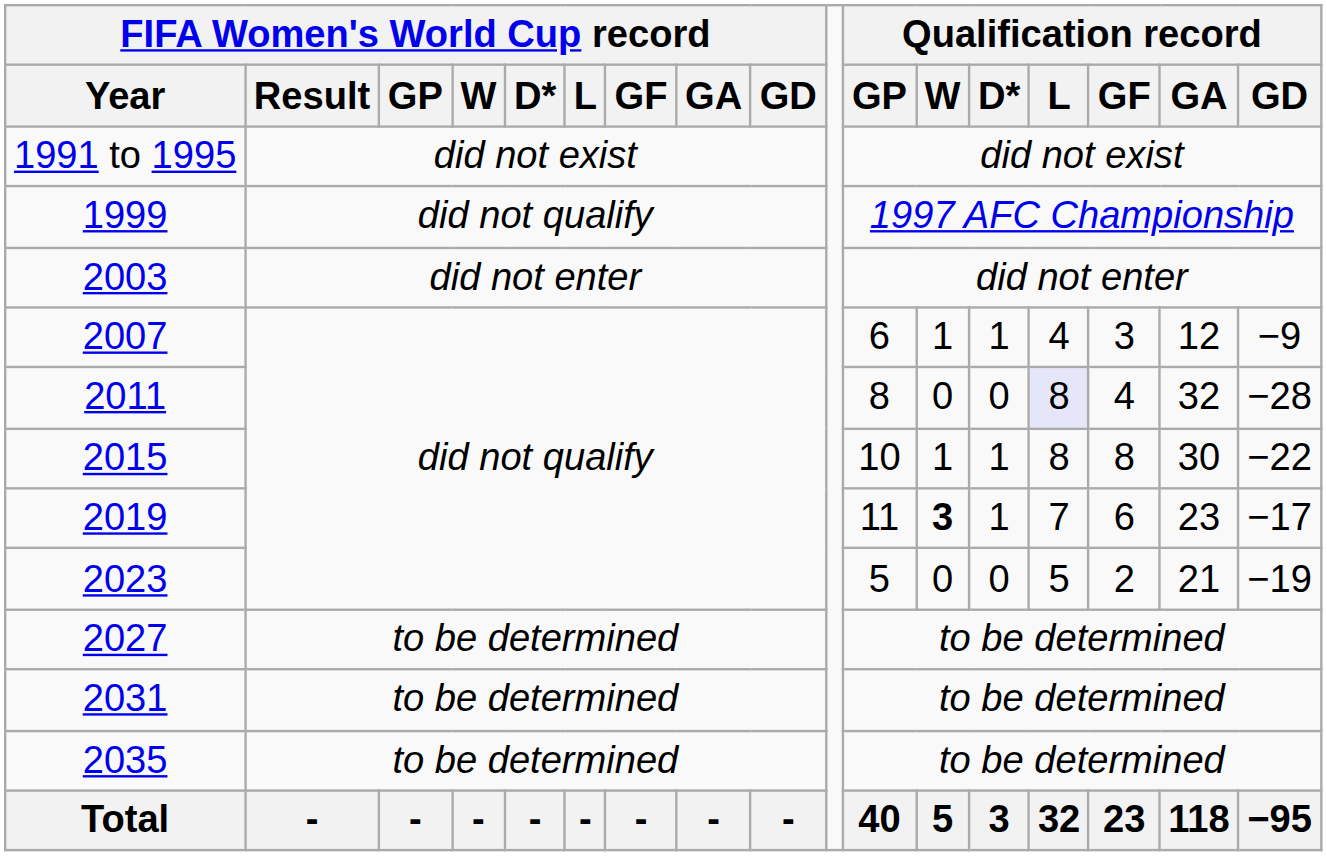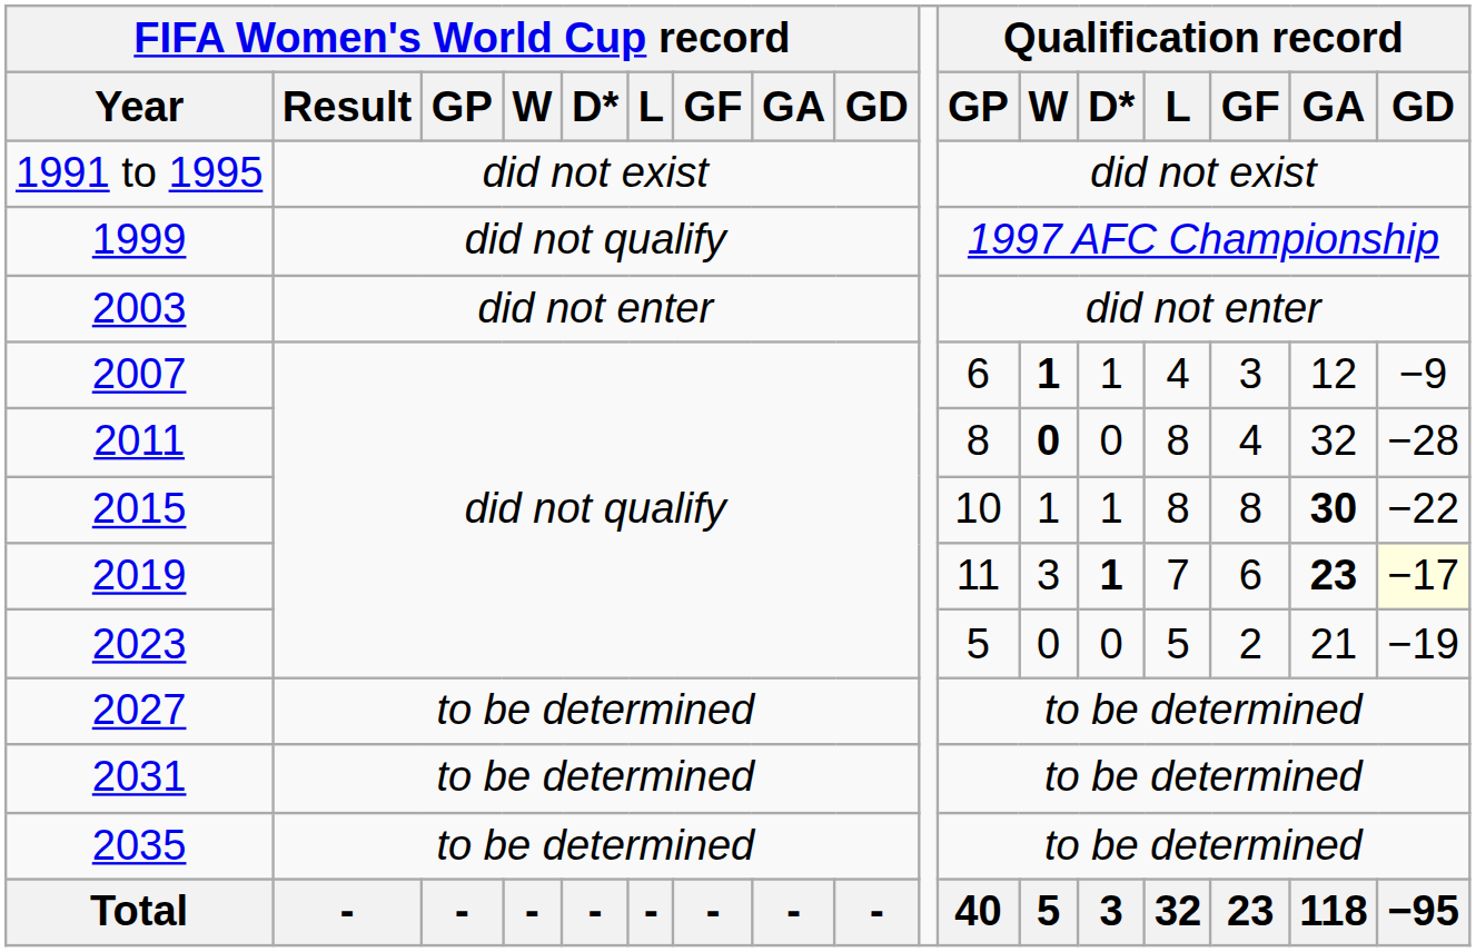 <table class="wikitable" style="text-align: center;">
 <tr>
 <th colspan=9><a href='#'>FIFA Women's World Cup</a> record</th>
 <td rowspan=15></td>
 <th colspan=7>Qualification record</th>
 </tr>
 <tr>
 <th>Year</th>
 <th>Result</th>
 <th>GP</th>
 <th>W</th>
 <th>D*</th>
 <th>L</th>
 <th>GF</th>
 <th>GA</th>
 <th>GD</th>
 <th>GP</th>
 <th>W</th>
 <th>D*</th>
 <th>L</th>
 <th>GF</th>
 <th>GA</th>
 <th>GD</th>
 </tr>
 <tr>
 <td> <a href='#'>1991</a> to  <a href='#'>1995</a></td>
 <td colspan=8><em>did not exist</em></td>
 <td colspan=7><em>did not exist</em></td>
 </tr>
 <tr>
 <td> <a href='#'>1999</a></td>
 <td colspan=8><em>did not qualify</em></td>
 <td colspan=7><em><a href='#'>1997 AFC Championship</a></em></td>
 </tr>
 <tr>
 <td> <a href='#'>2003</a></td>
 <td colspan=8><em>did not enter</em></td>
 <td colspan=7><em>did not enter</em></td>
 </tr>
 <tr>
 <td> <a href='#'>2007</a></td>
 <td colspan=8 rowspan=5><em>did not qualify</em></td>
 <td>6</td>
-<td>1</td>
+<td><strong>1</strong></td>
 <td>1</td>
 <td>4</td>
 <td>3</td>
 <td>12</td>
 <td>−9</td>
 </tr>
 <tr>
 <td> <a href='#'>2011</a></td>
 <td>8</td>
+<td><strong>0</strong></td>
 <td>0</td>
-<td>0</td>
-<td style="background: lavender;">8</td>
+<td>8</td>
 <td>4</td>
 <td>32</td>
 <td>−28</td>
 </tr>
 <tr>
 <td> <a href='#'>2015</a></td>
 <td>10</td>
 <td>1</td>
 <td>1</td>
 <td>8</td>
 <td>8</td>
-<td>30</td>
+<td><strong>30</strong></td>
 <td>−22</td>
 </tr>
 <tr>
 <td> <a href='#'>2019</a></td>
 <td>11</td>
-<td><strong>3</strong></td>
-<td>1</td>
+<td>3</td>
+<td><strong>1</strong></td>
 <td>7</td>
 <td>6</td>
-<td>23</td>
-<td>−17</td>
+<td><strong>23</strong></td>
+<td style="background: lightyellow;">−17</td>
 </tr>
 <tr>
 <td> <a href='#'>2023</a></td>
 <td>5</td>
 <td>0</td>
 <td>0</td>
 <td>5</td>
 <td>2</td>
 <td>21</td>
 <td>−19</td>
 </tr>
 <tr>
 <td> <a href='#'>2027</a></td>
 <td colspan=8><em>to be determined</em></td>
 <td colspan=7><em>to be determined</em></td>
 </tr>
 <tr>
 <td> <a href='#'>2031</a></td>
 <td colspan=8><em>to be determined</em></td>
 <td colspan=7><em>to be determined</em></td>
 </tr>
 <tr>
 <td> <a href='#'>2035</a></td>
 <td colspan=8><em>to be determined</em></td>
 <td colspan=7><em>to be determined</em></td>
 </tr>
 <tr>
 <th>Total</th>
 <th>-</th>
 <th>-</th>
 <th>-</th>
 <th>-</th>
 <th>-</th>
 <th>-</th>
 <th>-</th>
 <th>-</th>
 <th>40</th>
 <th>5</th>
 <th>3</th>
 <th>32</th>
 <th>23</th>
 <th>118</th>
 <th>−95</th>
 </tr>
 </table>
